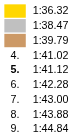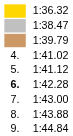 <table style="text-align:center">
 <tr>
 <td width=30 bgcolor=gold></td>
 <td align=left></td>
 <td width=60>1:36.32</td>
 </tr>
 <tr>
 <td bgcolor=silver></td>
 <td align=left></td>
 <td>1:38.47</td>
 </tr>
 <tr>
 <td bgcolor=cc9966></td>
 <td align=left></td>
 <td>1:39.79</td>
 </tr>
 <tr>
 <td>4.</td>
 <td align=left></td>
 <td>1:41.02</td>
 </tr>
 <tr>
-<td><strong>5.</strong></td>
+<td>5.</td>
 <td align=left></td>
 <td>1:41.12</td>
 </tr>
 <tr>
-<td>6.</td>
+<td><strong>6.</strong></td>
 <td align=left></td>
 <td>1:42.28</td>
 </tr>
 <tr>
 <td>7.</td>
 <td align=left></td>
 <td>1:43.00</td>
 </tr>
 <tr>
 <td>8.</td>
 <td align=left></td>
 <td>1:43.88</td>
 </tr>
 <tr>
 <td>9.</td>
 <td align=left></td>
 <td>1:44.84</td>
 </tr>
 </table>
